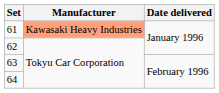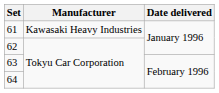 <table class="wikitable" border="1">
 <tr>
 <th>Set</th>
 <th>Manufacturer</th>
 <th>Date delivered</th>
 </tr>
 <tr>
 <td>61</td>
-<td style="background: lightsalmon;">Kawasaki Heavy Industries</td>
+<td>Kawasaki Heavy Industries</td>
 <td rowspan="2">January 1996</td>
 </tr>
 <tr>
 <td>62</td>
 <td rowspan="3">Tokyu Car Corporation</td>
 </tr>
 <tr>
 <td>63</td>
 <td rowspan="2">February 1996</td>
 </tr>
 <tr>
 <td>64</td>
 </tr>
 </table>
